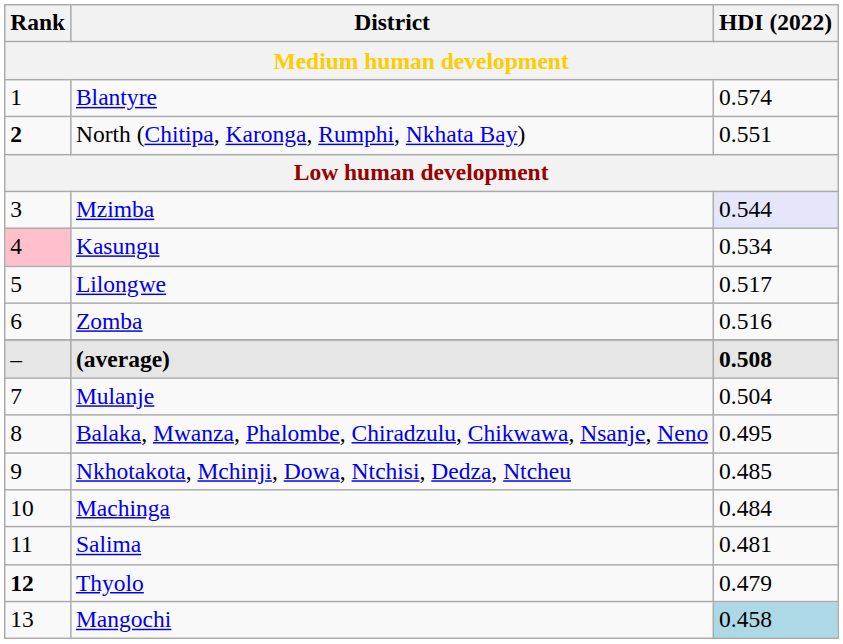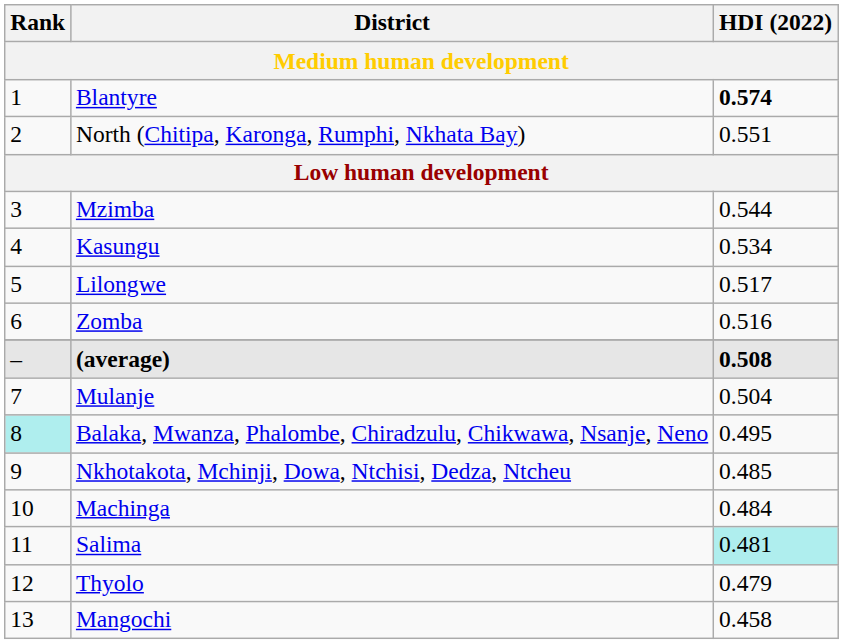 <table class="wikitable sortable">
 <tr>
 <th>Rank</th>
 <th>District</th>
 <th>HDI (2022)</th>
 </tr>
 <tr>
 <th colspan="3" style="color:#fc0;">Medium human development</th>
 </tr>
 <tr>
 <td>1</td>
 <td><a href='#'>Blantyre</a></td>
-<td>0.574</td>
+<td><strong>0.574</strong></td>
 </tr>
 <tr>
-<td><strong>2</strong></td>
+<td>2</td>
 <td>North (<a href='#'>Chitipa</a>, <a href='#'>Karonga</a>, <a href='#'>Rumphi</a>, <a href='#'>Nkhata Bay</a>)</td>
 <td>0.551</td>
 </tr>
 <tr>
 <th colspan="3" style="color:#900;">Low human development</th>
 </tr>
 <tr>
 <td>3</td>
 <td><a href='#'>Mzimba</a></td>
-<td style="background: lavender;">0.544</td>
+<td>0.544</td>
 </tr>
 <tr>
-<td style="background: pink;">4</td>
+<td>4</td>
 <td><a href='#'>Kasungu</a></td>
 <td>0.534</td>
 </tr>
 <tr>
 <td>5</td>
 <td><a href='#'>Lilongwe</a></td>
 <td>0.517</td>
 </tr>
 <tr>
 <td>6</td>
 <td><a href='#'>Zomba</a></td>
 <td>0.516</td>
 </tr>
 <tr>
 </tr>
 <tr style="background:#e6e6e6">
 <td>–</td>
 <td><strong> (average)</strong></td>
 <td><strong>0.508</strong></td>
 </tr>
 <tr>
 <td>7</td>
 <td><a href='#'>Mulanje</a></td>
 <td>0.504</td>
 </tr>
 <tr>
-<td>8</td>
+<td style="background: paleturquoise;">8</td>
 <td><a href='#'>Balaka</a>, <a href='#'>Mwanza</a>, <a href='#'>Phalombe</a>, <a href='#'>Chiradzulu</a>, <a href='#'>Chikwawa</a>, <a href='#'>Nsanje</a>, <a href='#'>Neno</a></td>
 <td>0.495</td>
 </tr>
 <tr>
 <td>9</td>
 <td><a href='#'>Nkhotakota</a>, <a href='#'>Mchinji</a>, <a href='#'>Dowa</a>, <a href='#'>Ntchisi</a>, <a href='#'>Dedza</a>, <a href='#'>Ntcheu</a></td>
 <td>0.485</td>
 </tr>
 <tr>
 <td>10</td>
 <td><a href='#'>Machinga</a></td>
 <td>0.484</td>
 </tr>
 <tr>
 <td>11</td>
 <td><a href='#'>Salima</a></td>
-<td>0.481</td>
+<td style="background: paleturquoise;">0.481</td>
 </tr>
 <tr>
-<td><strong>12</strong></td>
+<td>12</td>
 <td><a href='#'>Thyolo</a></td>
 <td>0.479</td>
 </tr>
 <tr>
 <td>13</td>
 <td><a href='#'>Mangochi</a></td>
-<td style="background: lightblue;">0.458</td>
+<td>0.458</td>
 </tr>
 </table>
